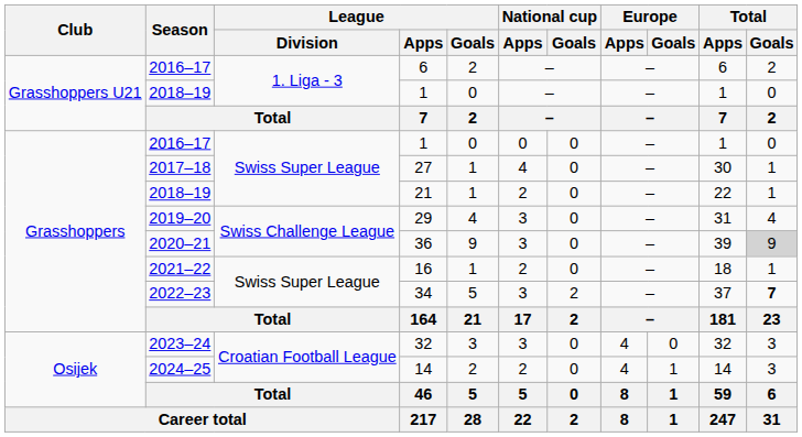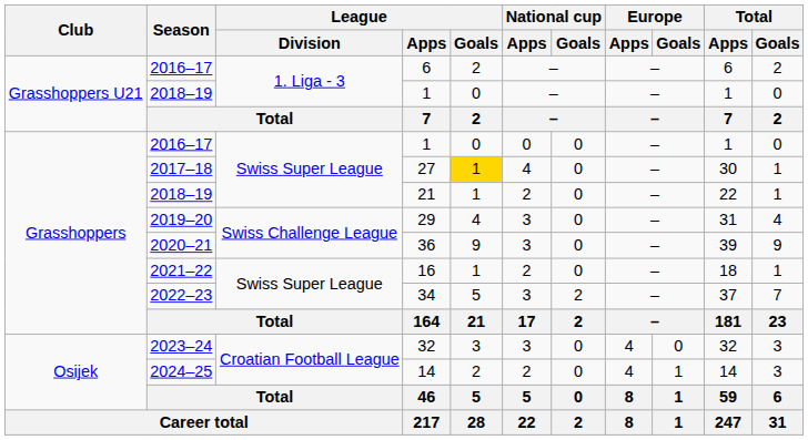 <table class="wikitable" style="text-align: center">
 <tr>
 <th rowspan="2">Club</th>
 <th rowspan="2">Season</th>
 <th colspan="3">League</th>
 <th colspan="2">National cup</th>
 <th colspan="2">Europe</th>
 <th colspan="2">Total</th>
 </tr>
 <tr>
 <th>Division</th>
 <th>Apps</th>
 <th>Goals</th>
 <th>Apps</th>
 <th>Goals</th>
 <th>Apps</th>
 <th>Goals</th>
 <th>Apps</th>
 <th>Goals</th>
 </tr>
 <tr>
 <td rowspan="3"><a href='#'>Grasshoppers U21</a></td>
 <td><a href='#'>2016–17</a></td>
 <td rowspan="2"><a href='#'>1. Liga - 3</a></td>
 <td>6</td>
 <td>2</td>
 <td colspan="2">–</td>
 <td colspan="2">–</td>
 <td>6</td>
 <td>2</td>
 </tr>
 <tr>
 <td><a href='#'>2018–19</a></td>
 <td>1</td>
 <td>0</td>
 <td colspan="2">–</td>
 <td colspan="2">–</td>
 <td>1</td>
 <td>0</td>
 </tr>
 <tr>
 <th colspan="2">Total</th>
 <th>7</th>
 <th>2</th>
 <th colspan="2">–</th>
 <th colspan="2">–</th>
 <th>7</th>
 <th>2</th>
 </tr>
 <tr>
 <td rowspan="8"><a href='#'>Grasshoppers</a></td>
 <td><a href='#'>2016–17</a></td>
 <td rowspan="3"><a href='#'>Swiss Super League</a></td>
 <td>1</td>
 <td>0</td>
 <td>0</td>
 <td>0</td>
 <td colspan="2">–</td>
 <td>1</td>
 <td>0</td>
 </tr>
 <tr>
 <td><a href='#'>2017–18</a></td>
 <td>27</td>
-<td>1</td>
+<td style="background: gold;">1</td>
 <td>4</td>
 <td>0</td>
 <td colspan="2">–</td>
 <td>30</td>
 <td>1</td>
 </tr>
 <tr>
 <td><a href='#'>2018–19</a></td>
 <td>21</td>
 <td>1</td>
 <td>2</td>
 <td>0</td>
 <td colspan="2">–</td>
 <td>22</td>
 <td>1</td>
 </tr>
 <tr>
 <td><a href='#'>2019–20</a></td>
 <td rowspan="2"><a href='#'>Swiss Challenge League</a></td>
 <td>29</td>
 <td>4</td>
 <td>3</td>
 <td>0</td>
 <td colspan="2">–</td>
 <td>31</td>
 <td>4</td>
 </tr>
 <tr>
 <td><a href='#'>2020–21</a></td>
 <td>36</td>
 <td>9</td>
 <td>3</td>
 <td>0</td>
 <td colspan="2">–</td>
 <td>39</td>
-<td style="background: lightgrey;">9</td>
+<td>9</td>
 </tr>
 <tr>
 <td><a href='#'>2021–22</a></td>
 <td rowspan="2">Swiss Super League</td>
 <td>16</td>
 <td>1</td>
 <td>2</td>
 <td>0</td>
 <td colspan="2">–</td>
 <td>18</td>
 <td>1</td>
 </tr>
 <tr>
 <td><a href='#'>2022–23</a></td>
 <td>34</td>
 <td>5</td>
 <td>3</td>
 <td>2</td>
 <td colspan="2">–</td>
 <td>37</td>
-<td><strong>7</strong></td>
+<td>7</td>
 </tr>
 <tr>
 <th colspan="2">Total</th>
 <th>164</th>
 <th>21</th>
 <th>17</th>
 <th>2</th>
 <th colspan="2">–</th>
 <th>181</th>
 <th>23</th>
 </tr>
 <tr>
 <td rowspan="3"><a href='#'>Osijek</a></td>
 <td><a href='#'>2023–24</a></td>
 <td rowspan="2"><a href='#'>Croatian Football League</a></td>
 <td>32</td>
 <td>3</td>
 <td>3</td>
 <td>0</td>
 <td>4</td>
 <td>0</td>
 <td>32</td>
 <td>3</td>
 </tr>
 <tr>
 <td><a href='#'>2024–25</a></td>
 <td>14</td>
 <td>2</td>
 <td>2</td>
 <td>0</td>
 <td>4</td>
 <td>1</td>
 <td>14</td>
 <td>3</td>
 </tr>
 <tr>
 <th colspan="2">Total</th>
 <th>46</th>
 <th>5</th>
 <th>5</th>
 <th>0</th>
 <th>8</th>
 <th>1</th>
 <th>59</th>
 <th>6</th>
 </tr>
 <tr>
 <th colspan="3">Career total</th>
 <th>217</th>
 <th>28</th>
 <th>22</th>
 <th>2</th>
 <th>8</th>
 <th>1</th>
 <th>247</th>
 <th>31</th>
 </tr>
 </table>
